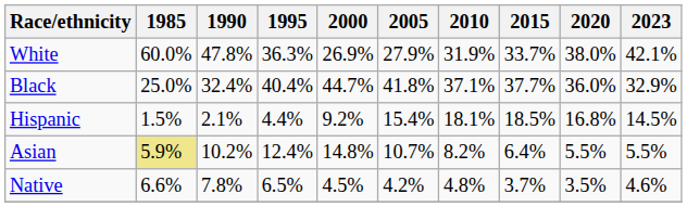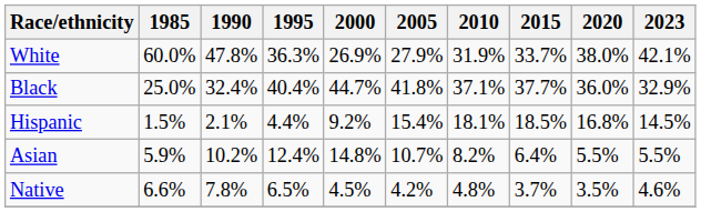 <table class="wikitable sortable collapsible" style="font-size: 90%;">
 <tr>
 <th>Race/ethnicity</th>
 <th>1985</th>
 <th>1990</th>
 <th>1995</th>
 <th>2000</th>
 <th>2005</th>
 <th>2010</th>
 <th>2015</th>
 <th>2020</th>
 <th>2023</th>
 </tr>
 <tr>
 <td><a href='#'>White</a></td>
 <td>60.0%</td>
 <td>47.8%</td>
 <td>36.3%</td>
 <td>26.9%</td>
 <td>27.9%</td>
 <td>31.9%</td>
 <td>33.7%</td>
 <td>38.0%</td>
 <td>42.1%</td>
 </tr>
 <tr>
 <td><a href='#'>Black</a></td>
 <td>25.0%</td>
 <td>32.4%</td>
 <td>40.4%</td>
 <td>44.7%</td>
 <td>41.8%</td>
 <td>37.1%</td>
 <td>37.7%</td>
 <td>36.0%</td>
 <td>32.9%</td>
 </tr>
 <tr>
 <td><a href='#'>Hispanic</a></td>
 <td>1.5%</td>
 <td>2.1%</td>
 <td>4.4%</td>
 <td>9.2%</td>
 <td>15.4%</td>
 <td>18.1%</td>
 <td>18.5%</td>
 <td>16.8%</td>
 <td>14.5%</td>
 </tr>
 <tr>
 <td><a href='#'>Asian</a></td>
-<td style="background: khaki;">5.9%</td>
+<td>5.9%</td>
 <td>10.2%</td>
 <td>12.4%</td>
 <td>14.8%</td>
 <td>10.7%</td>
 <td>8.2%</td>
 <td>6.4%</td>
 <td>5.5%</td>
 <td>5.5%</td>
 </tr>
 <tr>
 <td><a href='#'>Native</a></td>
 <td>6.6%</td>
 <td>7.8%</td>
 <td>6.5%</td>
 <td>4.5%</td>
 <td>4.2%</td>
 <td>4.8%</td>
 <td>3.7%</td>
 <td>3.5%</td>
 <td>4.6%</td>
 </tr>
 <tr>
 </tr>
 </table>
